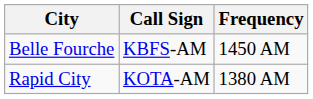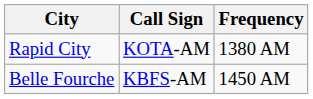 <table class="wikitable">
 <tr>
 <th>City</th>
 <th>Call Sign</th>
 <th>Frequency</th>
 </tr>
 <tr>
+<td><a href='#'>Rapid City</a></td>
+<td><a href='#'>KOTA</a>-AM</td>
+<td>1380 AM</td>
+</tr>
+<tr>
 <td><a href='#'>Belle Fourche</a></td>
 <td><a href='#'>KBFS</a>-AM</td>
 <td>1450 AM</td>
 </tr>
-<tr>
-<td><a href='#'>Rapid City</a></td>
-<td><a href='#'>KOTA</a>-AM</td>
-<td>1380 AM</td>
-</tr>
 </table>
